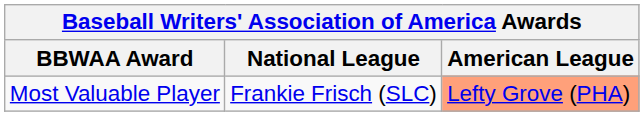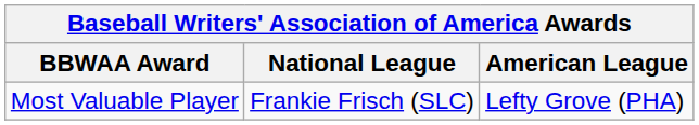 <table class="wikitable">
 <tr>
 <th colspan="3"><a href='#'>Baseball Writers' Association of America</a> Awards</th>
 </tr>
 <tr>
 <th>BBWAA Award</th>
 <th>National League</th>
 <th>American League</th>
 </tr>
 <tr>
 <td><a href='#'>Most Valuable Player</a></td>
 <td><a href='#'>Frankie Frisch</a> (<a href='#'>SLC</a>)</td>
-<td style="background: lightsalmon;"><a href='#'>Lefty Grove</a> (<a href='#'>PHA</a>)</td>
+<td><a href='#'>Lefty Grove</a> (<a href='#'>PHA</a>)</td>
 </tr>
 </table>
